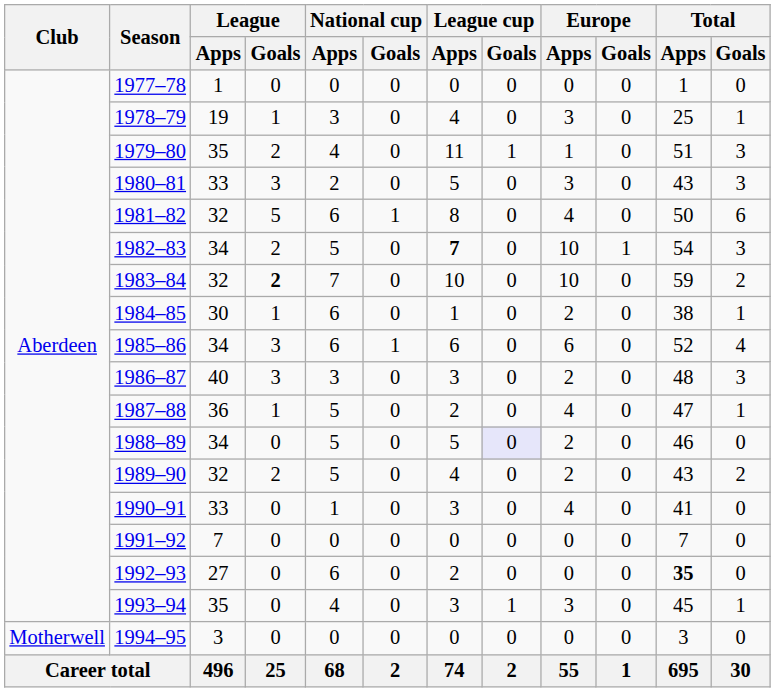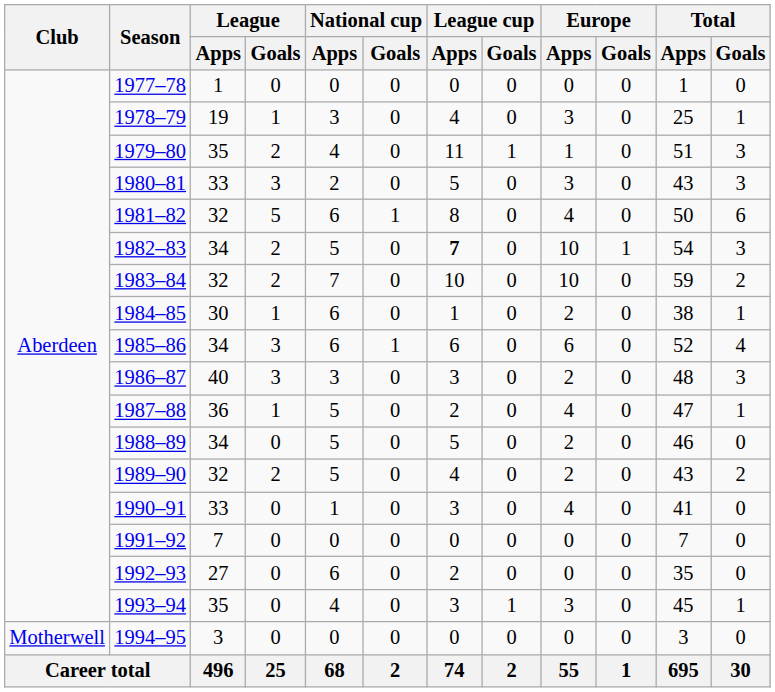 <table class="wikitable" style="text-align:center">
 <tr>
 <th rowspan="2">Club</th>
 <th rowspan="2">Season</th>
 <th colspan="2">League</th>
 <th colspan="2">National cup</th>
 <th colspan="2">League cup</th>
 <th colspan="2">Europe</th>
 <th colspan="2">Total</th>
 </tr>
 <tr>
 <th>Apps</th>
 <th>Goals</th>
 <th>Apps</th>
 <th>Goals</th>
 <th>Apps</th>
 <th>Goals</th>
 <th>Apps</th>
 <th>Goals</th>
 <th>Apps</th>
 <th>Goals</th>
 </tr>
 <tr>
 <td rowspan="17"><a href='#'>Aberdeen</a></td>
 <td><a href='#'>1977–78</a></td>
 <td>1</td>
 <td>0</td>
 <td>0</td>
 <td>0</td>
 <td>0</td>
 <td>0</td>
 <td>0</td>
 <td>0</td>
 <td>1</td>
 <td>0</td>
 </tr>
 <tr>
 <td><a href='#'>1978–79</a></td>
 <td>19</td>
 <td>1</td>
 <td>3</td>
 <td>0</td>
 <td>4</td>
 <td>0</td>
 <td>3</td>
 <td>0</td>
 <td>25</td>
 <td>1</td>
 </tr>
 <tr>
 <td><a href='#'>1979–80</a></td>
 <td>35</td>
 <td>2</td>
 <td>4</td>
 <td>0</td>
 <td>11</td>
 <td>1</td>
 <td>1</td>
 <td>0</td>
 <td>51</td>
 <td>3</td>
 </tr>
 <tr>
 <td><a href='#'>1980–81</a></td>
 <td>33</td>
 <td>3</td>
 <td>2</td>
 <td>0</td>
 <td>5</td>
 <td>0</td>
 <td>3</td>
 <td>0</td>
 <td>43</td>
 <td>3</td>
 </tr>
 <tr>
 <td><a href='#'>1981–82</a></td>
 <td>32</td>
 <td>5</td>
 <td>6</td>
 <td>1</td>
 <td>8</td>
 <td>0</td>
 <td>4</td>
 <td>0</td>
 <td>50</td>
 <td>6</td>
 </tr>
 <tr>
 <td><a href='#'>1982–83</a></td>
 <td>34</td>
 <td>2</td>
 <td>5</td>
 <td>0</td>
 <td><strong>7</strong></td>
 <td>0</td>
 <td>10</td>
 <td>1</td>
 <td>54</td>
 <td>3</td>
 </tr>
 <tr>
 <td><a href='#'>1983–84</a></td>
 <td>32</td>
-<td><strong>2</strong></td>
+<td>2</td>
 <td>7</td>
 <td>0</td>
 <td>10</td>
 <td>0</td>
 <td>10</td>
 <td>0</td>
 <td>59</td>
 <td>2</td>
 </tr>
 <tr>
 <td><a href='#'>1984–85</a></td>
 <td>30</td>
 <td>1</td>
 <td>6</td>
 <td>0</td>
 <td>1</td>
 <td>0</td>
 <td>2</td>
 <td>0</td>
 <td>38</td>
 <td>1</td>
 </tr>
 <tr>
 <td><a href='#'>1985–86</a></td>
 <td>34</td>
 <td>3</td>
 <td>6</td>
 <td>1</td>
 <td>6</td>
 <td>0</td>
 <td>6</td>
 <td>0</td>
 <td>52</td>
 <td>4</td>
 </tr>
 <tr>
 <td><a href='#'>1986–87</a></td>
 <td>40</td>
 <td>3</td>
 <td>3</td>
 <td>0</td>
 <td>3</td>
 <td>0</td>
 <td>2</td>
 <td>0</td>
 <td>48</td>
 <td>3</td>
 </tr>
 <tr>
 <td><a href='#'>1987–88</a></td>
 <td>36</td>
 <td>1</td>
 <td>5</td>
 <td>0</td>
 <td>2</td>
 <td>0</td>
 <td>4</td>
 <td>0</td>
 <td>47</td>
 <td>1</td>
 </tr>
 <tr>
 <td><a href='#'>1988–89</a></td>
 <td>34</td>
 <td>0</td>
 <td>5</td>
 <td>0</td>
 <td>5</td>
-<td style="background: lavender;">0</td>
+<td>0</td>
 <td>2</td>
 <td>0</td>
 <td>46</td>
 <td>0</td>
 </tr>
 <tr>
 <td><a href='#'>1989–90</a></td>
 <td>32</td>
 <td>2</td>
 <td>5</td>
 <td>0</td>
 <td>4</td>
 <td>0</td>
 <td>2</td>
 <td>0</td>
 <td>43</td>
 <td>2</td>
 </tr>
 <tr>
 <td><a href='#'>1990–91</a></td>
 <td>33</td>
 <td>0</td>
 <td>1</td>
 <td>0</td>
 <td>3</td>
 <td>0</td>
 <td>4</td>
 <td>0</td>
 <td>41</td>
 <td>0</td>
 </tr>
 <tr>
 <td><a href='#'>1991–92</a></td>
 <td>7</td>
 <td>0</td>
 <td>0</td>
 <td>0</td>
 <td>0</td>
 <td>0</td>
 <td>0</td>
 <td>0</td>
 <td>7</td>
 <td>0</td>
 </tr>
 <tr>
 <td><a href='#'>1992–93</a></td>
 <td>27</td>
 <td>0</td>
 <td>6</td>
 <td>0</td>
 <td>2</td>
 <td>0</td>
 <td>0</td>
 <td>0</td>
-<td><strong>35</strong></td>
+<td>35</td>
 <td>0</td>
 </tr>
 <tr>
 <td><a href='#'>1993–94</a></td>
 <td>35</td>
 <td>0</td>
 <td>4</td>
 <td>0</td>
 <td>3</td>
 <td>1</td>
 <td>3</td>
 <td>0</td>
 <td>45</td>
 <td>1</td>
 </tr>
 <tr>
 <td rowspan="1"><a href='#'>Motherwell</a></td>
 <td><a href='#'>1994–95</a></td>
 <td>3</td>
 <td>0</td>
 <td>0</td>
 <td>0</td>
 <td>0</td>
 <td>0</td>
 <td>0</td>
 <td>0</td>
 <td>3</td>
 <td>0</td>
 </tr>
 <tr>
 <th colspan="2">Career total</th>
 <th>496</th>
 <th>25</th>
 <th>68</th>
 <th>2</th>
 <th>74</th>
 <th>2</th>
 <th>55</th>
 <th>1</th>
 <th>695</th>
 <th>30</th>
 </tr>
 </table>
